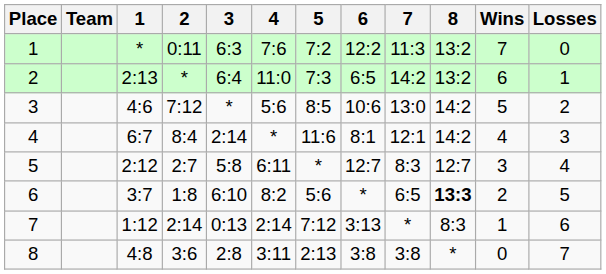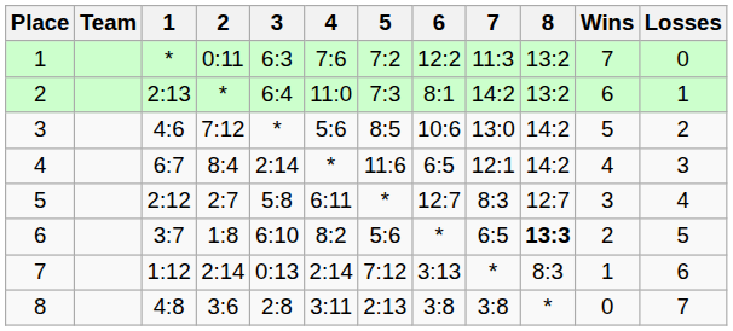 <table class="wikitable" style="text-align:center;">
 <tr>
 <th>Place</th>
 <th>Team</th>
 <th width="25">1</th>
 <th width="25">2</th>
 <th width="25">3</th>
 <th width="25">4</th>
 <th width="25">5</th>
 <th width="25">6</th>
 <th width="25">7</th>
 <th width="25">8</th>
 <th>Wins</th>
 <th>Losses</th>
 </tr>
 <tr bgcolor=#cfc>
 <td>1</td>
 <td align=left></td>
 <td>*</td>
 <td>0:11</td>
 <td>6:3</td>
 <td>7:6</td>
 <td>7:2</td>
 <td>12:2</td>
 <td>11:3</td>
 <td>13:2</td>
 <td>7</td>
 <td>0</td>
 </tr>
 <tr bgcolor=#cfc>
 <td>2</td>
 <td align=left></td>
 <td>2:13</td>
 <td>*</td>
 <td>6:4</td>
 <td>11:0</td>
 <td>7:3</td>
-<td>6:5</td>
+<td>8:1</td>
 <td>14:2</td>
 <td>13:2</td>
 <td>6</td>
 <td>1</td>
 </tr>
 <tr>
 <td>3</td>
 <td align=left></td>
 <td>4:6</td>
 <td>7:12</td>
 <td>*</td>
 <td>5:6</td>
 <td>8:5</td>
 <td>10:6</td>
 <td>13:0</td>
 <td>14:2</td>
 <td>5</td>
 <td>2</td>
 </tr>
 <tr>
 <td>4</td>
 <td align=left></td>
 <td>6:7</td>
 <td>8:4</td>
 <td>2:14</td>
 <td>*</td>
 <td>11:6</td>
-<td>8:1</td>
+<td>6:5</td>
 <td>12:1</td>
 <td>14:2</td>
 <td>4</td>
 <td>3</td>
 </tr>
 <tr>
 <td>5</td>
 <td align=left></td>
 <td>2:12</td>
 <td>2:7</td>
 <td>5:8</td>
 <td>6:11</td>
 <td>*</td>
 <td>12:7</td>
 <td>8:3</td>
 <td>12:7</td>
 <td>3</td>
 <td>4</td>
 </tr>
 <tr>
 <td>6</td>
 <td align=left></td>
 <td>3:7</td>
 <td>1:8</td>
 <td>6:10</td>
 <td>8:2</td>
 <td>5:6</td>
 <td>*</td>
 <td>6:5</td>
 <td><strong>13:3</strong></td>
 <td>2</td>
 <td>5</td>
 </tr>
 <tr>
 <td>7</td>
 <td align=left></td>
 <td>1:12</td>
 <td>2:14</td>
 <td>0:13</td>
 <td>2:14</td>
 <td>7:12</td>
 <td>3:13</td>
 <td>*</td>
 <td>8:3</td>
 <td>1</td>
 <td>6</td>
 </tr>
 <tr>
 <td>8</td>
 <td align=left></td>
 <td>4:8</td>
 <td>3:6</td>
 <td>2:8</td>
 <td>3:11</td>
 <td>2:13</td>
 <td>3:8</td>
 <td>3:8</td>
 <td>*</td>
 <td>0</td>
 <td>7</td>
 </tr>
 </table>
